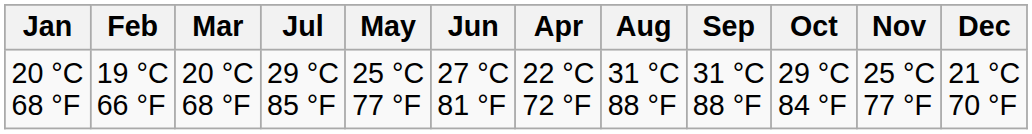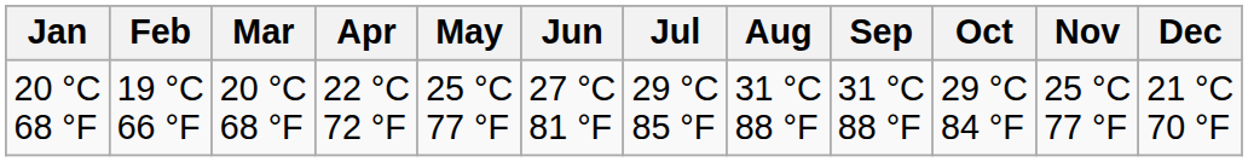 <table class="wikitable">
 <tr>
 <th><strong>Jan</strong></th>
 <th><strong>Feb</strong></th>
 <th><strong>Mar</strong></th>
-<th><strong>Jul</strong></th>
+<th><strong>Apr</strong></th>
 <th><strong>May</strong></th>
 <th><strong>Jun</strong></th>
-<th><strong>Apr</strong></th>
+<th><strong>Jul</strong></th>
 <th><strong>Aug</strong></th>
 <th><strong>Sep</strong></th>
 <th><strong>Oct</strong></th>
 <th><strong>Nov</strong></th>
 <th><strong>Dec</strong></th>
 </tr>
 <tr>
 <td>20 °C<br>68 °F</td>
 <td>19 °C<br>66 °F</td>
 <td>20 °C<br>68 °F</td>
-<td>29 °C<br>85 °F</td>
+<td>22 °C<br>72 °F</td>
 <td>25 °C<br>77 °F</td>
 <td>27 °C<br>81 °F</td>
-<td>22 °C<br>72 °F</td>
+<td>29 °C<br>85 °F</td>
 <td>31 °C<br>88 °F</td>
 <td>31 °C<br>88 °F</td>
 <td>29 °C<br>84 °F</td>
 <td>25 °C<br>77 °F</td>
 <td>21 °C<br>70 °F</td>
 </tr>
 </table>
